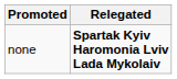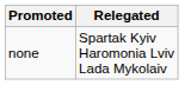 <table class="wikitable">
 <tr>
 <th>Promoted</th>
 <th>Relegated</th>
 </tr>
 <tr>
 <td>none</td>
-<td><strong>Spartak Kyiv <br>Haromonia Lviv <br>Lada Mykolaiv </strong></td>
+<td>Spartak Kyiv <br>Haromonia Lviv <br>Lada Mykolaiv </td>
 </tr>
 </table>
